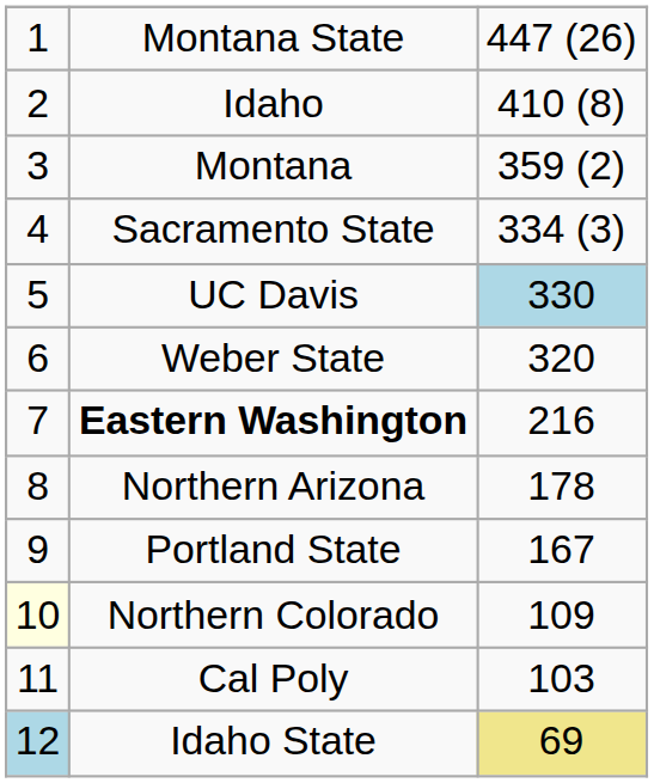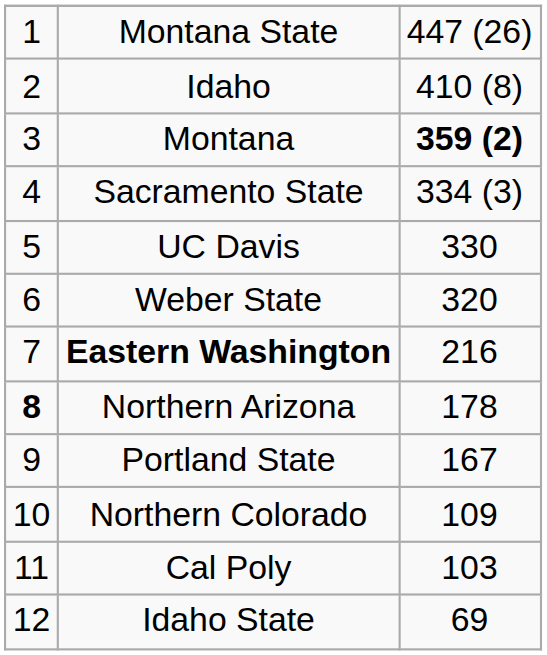 <table class="wikitable" style="display: inline-table;">
 <tr align="center">
 </tr>
 <tr align="center">
 <td>1</td>
 <td>Montana State</td>
 <td>447 (26)</td>
 </tr>
 <tr align="center">
 <td>2</td>
 <td>Idaho</td>
 <td>410 (8)</td>
 </tr>
 <tr align="center">
 <td>3</td>
 <td>Montana</td>
-<td>359 (2)</td>
+<td><strong>359 (2)</strong></td>
 </tr>
 <tr align="center">
 <td>4</td>
 <td>Sacramento State</td>
 <td>334 (3)</td>
 </tr>
 <tr align="center">
 <td>5</td>
 <td>UC Davis</td>
-<td style="background: lightblue;">330</td>
+<td>330</td>
 </tr>
 <tr align="center">
 <td>6</td>
 <td>Weber State</td>
 <td>320</td>
 </tr>
 <tr align="center">
 <td>7</td>
 <td><strong>Eastern Washington</strong></td>
 <td>216</td>
 </tr>
 <tr align="center">
-<td>8</td>
+<td><strong>8</strong></td>
 <td>Northern Arizona</td>
 <td>178</td>
 </tr>
 <tr align="center">
 <td>9</td>
 <td>Portland State</td>
 <td>167</td>
 </tr>
 <tr align="center">
-<td style="background: lightyellow;">10</td>
+<td>10</td>
 <td>Northern Colorado</td>
 <td>109</td>
 </tr>
 <tr align="center">
 <td>11</td>
 <td>Cal Poly</td>
 <td>103</td>
 </tr>
 <tr align="center">
-<td style="background: lightblue;">12</td>
+<td>12</td>
 <td>Idaho State</td>
-<td style="background: khaki;">69</td>
+<td>69</td>
 </tr>
 </table>
